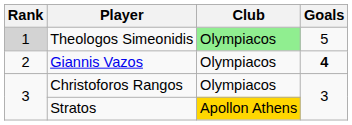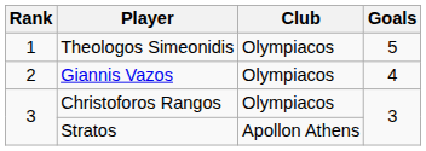 <table class="wikitable" style="text-align:center">
 <tr>
 <th>Rank</th>
 <th>Player</th>
 <th>Club</th>
 <th>Goals</th>
 </tr>
 <tr>
-<td style="background: lightgrey;">1</td>
+<td>1</td>
 <td align="left"> Theologos Simeonidis</td>
-<td align="left" style="background: lightgreen;">Olympiacos</td>
+<td align="left">Olympiacos</td>
 <td>5</td>
 </tr>
 <tr>
 <td>2</td>
 <td align="left"> <a href='#'>Giannis Vazos</a></td>
 <td align="left">Olympiacos</td>
-<td><strong>4</strong></td>
+<td>4</td>
 </tr>
 <tr>
 <td rowspan=2>3</td>
 <td align="left"> Christoforos Rangos</td>
 <td align="left">Olympiacos</td>
 <td rowspan=2>3</td>
 </tr>
 <tr>
 <td align="left"> Stratos</td>
-<td align="left" style="background: gold;">Apollon Athens</td>
+<td align="left">Apollon Athens</td>
 </tr>
 </table>
